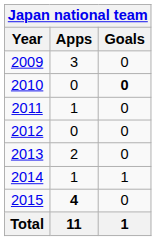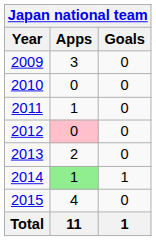 <table class="wikitable" style="text-align:center">
 <tr>
 <th colspan=3><a href='#'>Japan national team</a></th>
 </tr>
 <tr>
 <th>Year</th>
 <th>Apps</th>
 <th>Goals</th>
 </tr>
 <tr>
 <td><a href='#'>2009</a></td>
 <td>3</td>
 <td>0</td>
 </tr>
 <tr>
 <td><a href='#'>2010</a></td>
 <td>0</td>
-<td><strong>0</strong></td>
+<td>0</td>
 </tr>
 <tr>
 <td><a href='#'>2011</a></td>
 <td>1</td>
 <td>0</td>
 </tr>
 <tr>
 <td><a href='#'>2012</a></td>
-<td>0</td>
+<td style="background: pink;">0</td>
 <td>0</td>
 </tr>
 <tr>
 <td><a href='#'>2013</a></td>
 <td>2</td>
 <td>0</td>
 </tr>
 <tr>
 <td><a href='#'>2014</a></td>
-<td>1</td>
+<td style="background: lightgreen;">1</td>
 <td>1</td>
 </tr>
 <tr>
 <td><a href='#'>2015</a></td>
-<td><strong>4</strong></td>
+<td>4</td>
 <td>0</td>
 </tr>
 <tr>
 <th>Total</th>
 <th>11</th>
 <th>1</th>
 </tr>
 </table>
